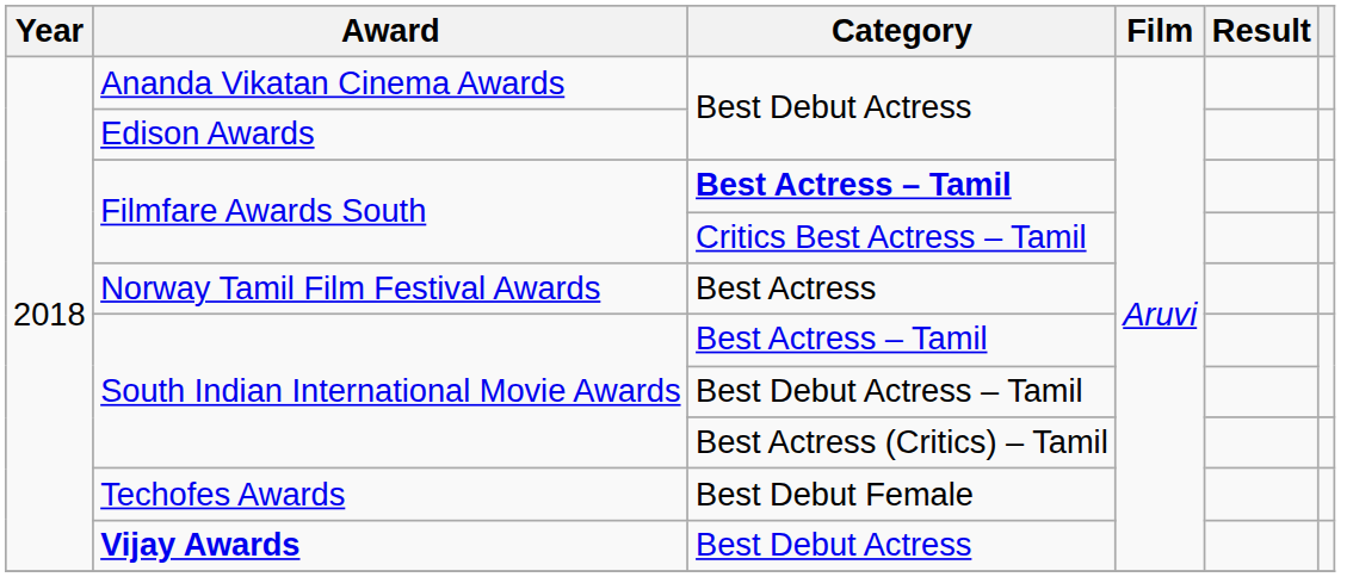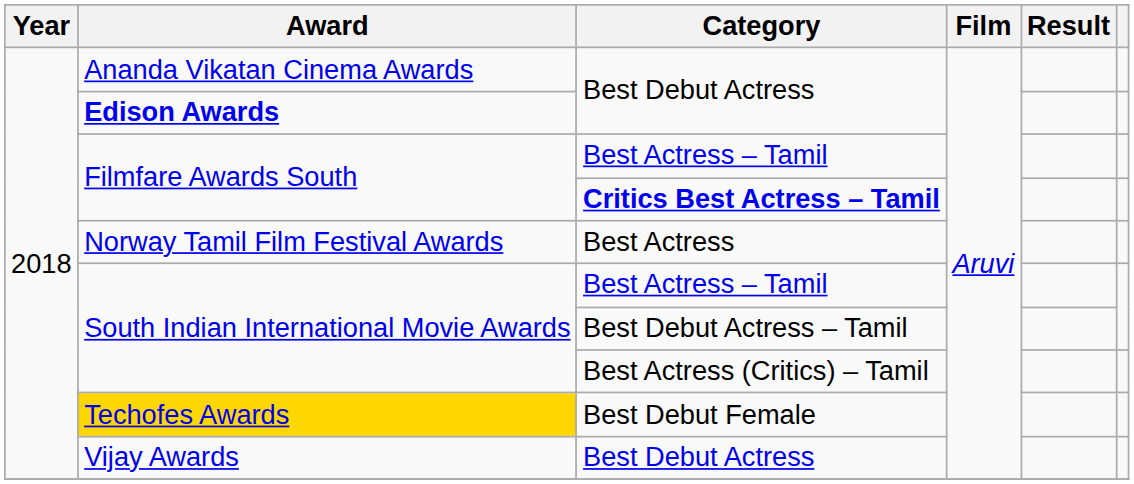 <table class="wikitable sortable">
 <tr>
 <th>Year</th>
 <th>Award</th>
 <th>Category</th>
 <th>Film</th>
 <th>Result</th>
 <th class="unsortable"></th>
 </tr>
 <tr>
 <td rowspan="10">2018</td>
 <td><a href='#'>Ananda Vikatan Cinema Awards</a></td>
 <td rowspan="2">Best Debut Actress</td>
 <td rowspan="10"><em><a href='#'>Aruvi</a></em></td>
 <td></td>
 <td style="text-align:center;"></td>
 </tr>
 <tr>
-<td><a href='#'>Edison Awards</a></td>
+<td><strong><a href='#'>Edison Awards</a></strong></td>
 <td></td>
 <td style="text-align:center;"></td>
 </tr>
 <tr>
 <td rowspan="2"><a href='#'>Filmfare Awards South</a></td>
-<td><strong><a href='#'>Best Actress – Tamil</a></strong></td>
+<td><a href='#'>Best Actress – Tamil</a></td>
 <td></td>
 <td style="text-align:center;"></td>
 </tr>
 <tr>
-<td><a href='#'>Critics Best Actress – Tamil</a></td>
+<td><strong><a href='#'>Critics Best Actress – Tamil</a></strong></td>
 <td></td>
 <td style="text-align:center;"></td>
 </tr>
 <tr>
 <td><a href='#'>Norway Tamil Film Festival Awards</a></td>
 <td>Best Actress</td>
 <td></td>
 <td style="text-align:center;"></td>
 </tr>
 <tr>
 <td rowspan="3"><a href='#'>South Indian International Movie Awards</a></td>
 <td><a href='#'>Best Actress – Tamil</a></td>
 <td></td>
 <td style="text-align:center;" rowspan="2"></td>
 </tr>
 <tr>
 <td>Best Debut Actress – Tamil</td>
 <td></td>
 </tr>
 <tr>
 <td>Best Actress (Critics) – Tamil</td>
 <td></td>
 <td style="text-align:center;"></td>
 </tr>
 <tr>
-<td><a href='#'>Techofes Awards</a></td>
+<td style="background: gold;"><a href='#'>Techofes Awards</a></td>
 <td>Best Debut Female</td>
 <td></td>
 <td style="text-align:center;"></td>
 </tr>
 <tr>
-<td><strong><a href='#'>Vijay Awards</a></strong></td>
+<td><a href='#'>Vijay Awards</a></td>
 <td><a href='#'>Best Debut Actress</a></td>
 <td></td>
 <td style="text-align:center;"></td>
 </tr>
 <tr>
 </tr>
 </table>
